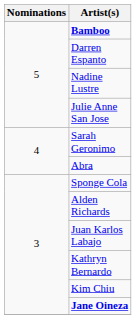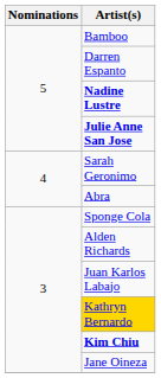 <table class="wikitable"  style="width:30%;">
 <tr>
 <th scope="col">Nominations</th>
 <th scope="col">Artist(s)</th>
 </tr>
 <tr>
 <td align=center rowspan=4>5</td>
-<td><strong><a href='#'>Bamboo</a></strong></td>
+<td><a href='#'>Bamboo</a></td>
 </tr>
 <tr>
 <td><a href='#'>Darren Espanto</a></td>
 </tr>
 <tr>
-<td><a href='#'>Nadine Lustre</a></td>
+<td><strong><a href='#'>Nadine Lustre</a></strong></td>
 </tr>
 <tr>
-<td><a href='#'>Julie Anne San Jose</a></td>
+<td><strong><a href='#'>Julie Anne San Jose</a></strong></td>
 </tr>
 <tr>
 <td align=center rowspan=2>4</td>
 <td><a href='#'>Sarah Geronimo</a></td>
 </tr>
 <tr>
 <td><a href='#'>Abra</a></td>
 </tr>
 <tr>
 <td align=center rowspan=6>3</td>
 <td><a href='#'>Sponge Cola</a></td>
 </tr>
 <tr>
 <td><a href='#'>Alden Richards</a></td>
 </tr>
 <tr>
 <td><a href='#'>Juan Karlos Labajo</a></td>
 </tr>
 <tr>
-<td><a href='#'>Kathryn Bernardo</a></td>
+<td style="background: gold;"><a href='#'>Kathryn Bernardo</a></td>
 </tr>
 <tr>
-<td><a href='#'>Kim Chiu</a></td>
+<td><strong><a href='#'>Kim Chiu</a></strong></td>
 </tr>
 <tr>
-<td><strong><a href='#'>Jane Oineza</a></strong></td>
+<td><a href='#'>Jane Oineza</a></td>
 </tr>
 <tr>
 </tr>
 </table>
